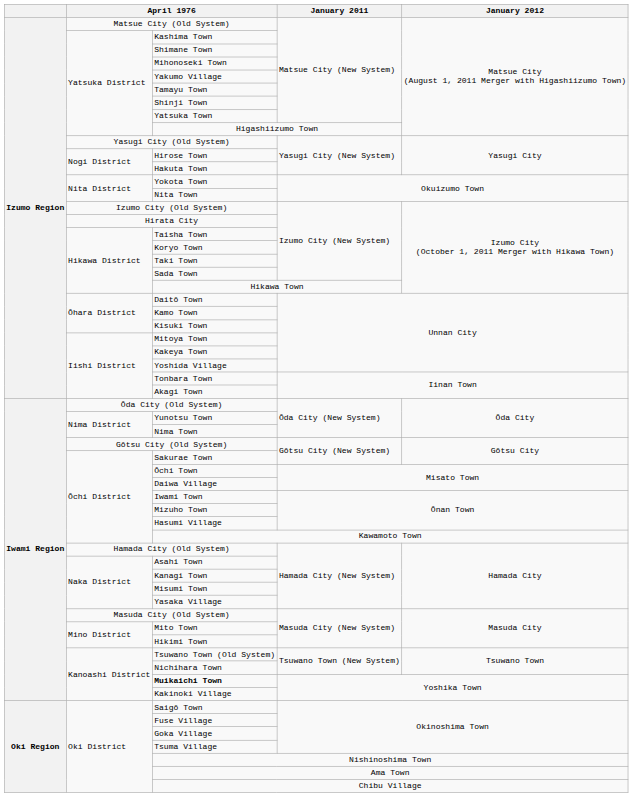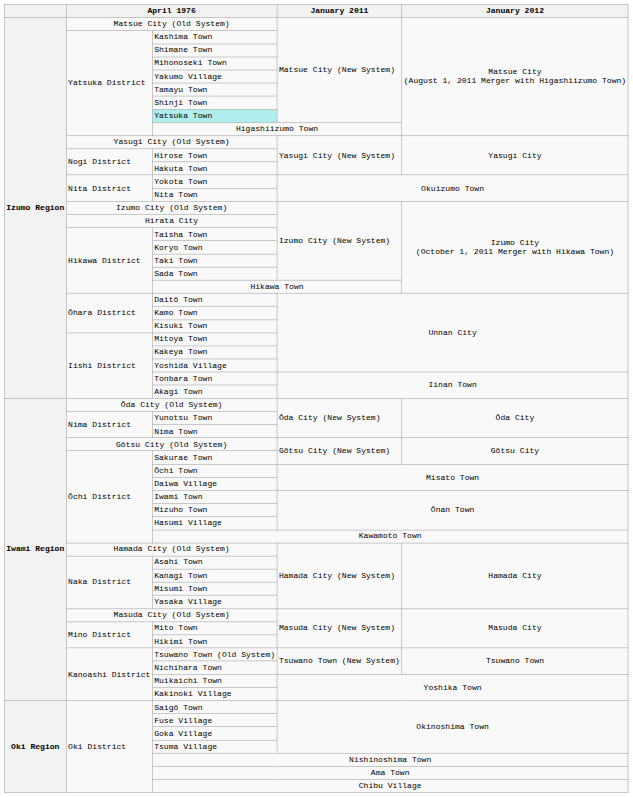 <table class="wikitable">
 <tr>
 <th></th>
 <th colspan="2">April 1976</th>
 <th>January 2011</th>
 <th>January 2012</th>
 </tr>
 <tr>
 <th rowspan="29">Izumo Region</th>
 <td style="text-align: center;" colspan="2">Matsue City (Old System)</td>
 <td rowspan="8">Matsue City (New System)</td>
 <td style="text-align: center;"  rowspan="9">Matsue City<br> (August 1, 2011 Merger with Higashiizumo Town)</td>
 </tr>
 <tr>
 <td rowspan="8">Yatsuka District</td>
 <td>Kashima Town</td>
 </tr>
 <tr>
 <td>Shimane Town</td>
 </tr>
 <tr>
 <td>Mihonoseki Town</td>
 </tr>
 <tr>
 <td>Yakumo Village</td>
 </tr>
 <tr>
 <td>Tamayu Town</td>
 </tr>
 <tr>
 <td>Shinji Town</td>
 </tr>
 <tr>
-<td>Yatsuka Town</td>
+<td style="background: paleturquoise;">Yatsuka Town</td>
 </tr>
 <tr>
 <td style="text-align: center;" colspan="2">Higashiizumo Town</td>
 </tr>
 <tr>
 <td style="text-align: center;"  colspan="2">Yasugi City (Old System)</td>
 <td rowspan="3">Yasugi City (New System)</td>
 <td style="text-align: center;"  rowspan="3">Yasugi City</td>
 </tr>
 <tr>
 <td rowspan="2">Nogi District</td>
 <td>Hirose Town</td>
 </tr>
 <tr>
 <td>Hakuta Town</td>
 </tr>
 <tr>
 <td rowspan="2">Nita District</td>
 <td>Yokota Town</td>
 <td style="text-align: center;"  rowspan="2" colspan="2">Okuizumo Town</td>
 </tr>
 <tr>
 <td>Nita Town</td>
 </tr>
 <tr>
 <td style="text-align: center;" colspan="2">Izumo City (Old System)</td>
 <td rowspan="6">Izumo City (New System)</td>
 <td style="text-align: center;"  rowspan="7">Izumo City<br> (October 1, 2011 Merger with Hikawa Town)</td>
 </tr>
 <tr>
 <td style="text-align: center;" colspan="2">Hirata City</td>
 </tr>
 <tr>
 <td rowspan="5">Hikawa District</td>
 <td>Taisha Town</td>
 </tr>
 <tr>
 <td>Koryo Town</td>
 </tr>
 <tr>
 <td>Taki Town</td>
 </tr>
 <tr>
 <td>Sada Town</td>
 </tr>
 <tr>
 <td style="text-align: center;" colspan="2">Hikawa Town</td>
 </tr>
 <tr>
 <td rowspan="3">Ōhara District</td>
 <td>Daitō Town</td>
 <td style="text-align: center;"  rowspan="6" colspan="2">Unnan City</td>
 </tr>
 <tr>
 <td>Kamo Town</td>
 </tr>
 <tr>
 <td>Kisuki Town</td>
 </tr>
 <tr>
 <td rowspan="5">Iishi District</td>
 <td>Mitoya Town</td>
 </tr>
 <tr>
 <td>Kakeya Town</td>
 </tr>
 <tr>
 <td>Yoshida Village</td>
 </tr>
 <tr>
 <td>Tonbara Town</td>
 <td style="text-align: center;"  rowspan="2" colspan="2">Iinan Town</td>
 </tr>
 <tr>
 <td>Akagi Town</td>
 </tr>
 <tr>
 <th rowspan="23">Iwami Region</th>
 <td style="text-align: center;" colspan="2">Ōda City (Old System)</td>
 <td rowspan="3">Ōda City (New System)</td>
 <td style="text-align: center;"  rowspan="3">Ōda City</td>
 </tr>
 <tr>
 <td rowspan="2">Nima District</td>
 <td>Yunotsu Town</td>
 </tr>
 <tr>
 <td>Nima Town</td>
 </tr>
 <tr>
 <td style="text-align: center;" colspan="2">Gōtsu City (Old System)</td>
 <td rowspan="2">Gōtsu City (New System)</td>
 <td style="text-align: center;"  rowspan="2">Gōtsu City</td>
 </tr>
 <tr>
 <td rowspan="7">Ōchi District</td>
 <td>Sakurae Town</td>
 </tr>
 <tr>
 <td>Ōchi Town</td>
 <td style="text-align: center;" rowspan="2" colspan="2">Misato Town</td>
 </tr>
 <tr>
 <td>Daiwa Village</td>
 </tr>
 <tr>
 <td>Iwami Town</td>
 <td style="text-align: center;" rowspan="3" colspan="2">Ōnan Town</td>
 </tr>
 <tr>
 <td>Mizuho Town</td>
 </tr>
 <tr>
 <td>Hasumi Village</td>
 </tr>
 <tr>
 <td style="text-align: center;" colspan="4">Kawamoto Town</td>
 </tr>
 <tr>
 <td style="text-align: center;" colspan="2">Hamada City (Old System)</td>
 <td rowspan="5">Hamada City (New System)</td>
 <td style="text-align: center;"  rowspan="5">Hamada City</td>
 </tr>
 <tr>
 <td rowspan="4">Naka District</td>
 <td>Asahi Town</td>
 </tr>
 <tr>
 <td>Kanagi Town</td>
 </tr>
 <tr>
 <td>Misumi Town</td>
 </tr>
 <tr>
 <td>Yasaka Village</td>
 </tr>
 <tr>
 <td style="text-align: center;" colspan="2">Masuda City (Old System)</td>
 <td rowspan="3">Masuda City (New System)</td>
 <td style="text-align: center;"  rowspan="3">Masuda City</td>
 </tr>
 <tr>
 <td rowspan="2">Mino District</td>
 <td>Mito Town</td>
 </tr>
 <tr>
 <td>Hikimi Town</td>
 </tr>
 <tr>
 <td rowspan="4">Kanoashi District</td>
 <td>Tsuwano Town (Old System)</td>
 <td rowspan="2">Tsuwano Town (New System)</td>
 <td style="text-align: center;"  rowspan="2">Tsuwano Town</td>
 </tr>
 <tr>
 <td>Nichihara Town</td>
 </tr>
 <tr>
-<td><strong>Muikaichi Town</strong></td>
+<td>Muikaichi Town</td>
 <td style="text-align: center;"  rowspan="2" colspan="2">Yoshika Town</td>
 </tr>
 <tr>
 <td>Kakinoki Village</td>
 </tr>
 <tr>
 <th rowspan="7">Oki Region</th>
 <td rowspan="7">Oki District</td>
 <td>Saigō Town</td>
 <td style="text-align: center;"  rowspan="4" colspan="2">Okinoshima Town</td>
 </tr>
 <tr>
 <td>Fuse Village</td>
 </tr>
 <tr>
 <td>Goka Village</td>
 </tr>
 <tr>
 <td>Tsuma Village</td>
 </tr>
 <tr>
 <td style="text-align: center;" colspan="4">Nishinoshima Town</td>
 </tr>
 <tr>
 <td style="text-align: center;" colspan="4">Ama Town</td>
 </tr>
 <tr>
 <td style="text-align: center;" colspan="4">Chibu Village</td>
 </tr>
 </table>
